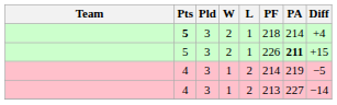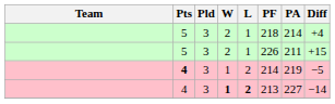 <table class=wikitable style="text-align:center">
 <tr>
 <th width=220>Team</th>
 <th width=20>Pts</th>
 <th width=20>Pld</th>
 <th width=20>W</th>
 <th width=20>L</th>
 <th width=20>PF</th>
 <th width=20>PA</th>
 <th width=20>Diff</th>
 </tr>
 <tr bgcolor=ccffcc>
 <td align=left></td>
-<td><strong>5</strong></td>
+<td>5</td>
 <td>3</td>
 <td>2</td>
 <td>1</td>
 <td>218</td>
 <td>214</td>
 <td>+4</td>
 </tr>
 <tr bgcolor=ccffcc>
 <td align=left></td>
 <td>5</td>
 <td>3</td>
 <td>2</td>
 <td>1</td>
 <td>226</td>
-<td><strong>211</strong></td>
+<td>211</td>
 <td>+15</td>
 </tr>
 <tr bgcolor=pink>
 <td align=left></td>
-<td>4</td>
+<td><strong>4</strong></td>
 <td>3</td>
 <td>1</td>
 <td>2</td>
 <td>214</td>
 <td>219</td>
 <td>−5</td>
 </tr>
 <tr bgcolor=pink>
 <td align=left></td>
 <td>4</td>
 <td>3</td>
-<td>1</td>
-<td>2</td>
+<td><strong>1</strong></td>
+<td><strong>2</strong></td>
 <td>213</td>
 <td>227</td>
 <td>−14</td>
 </tr>
 <tr>
 </tr>
 </table>
